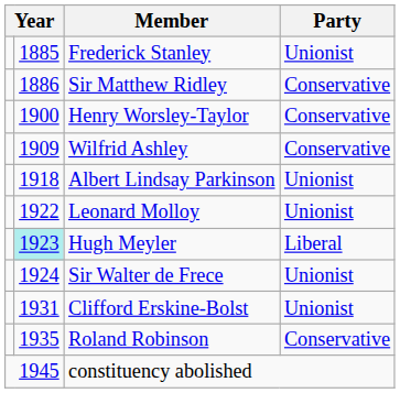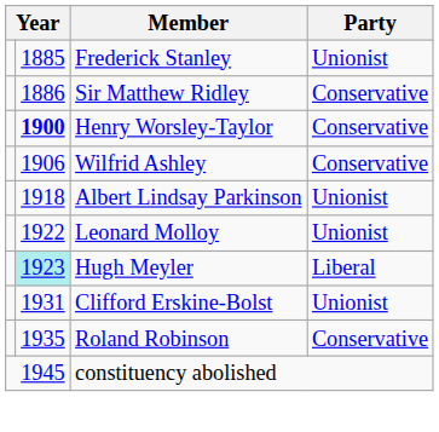 <table class="wikitable">
 <tr>
 <th colspan="2">Year</th>
 <th>Member</th>
 <th>Party</th>
 </tr>
 <tr>
 <td style="color:inherit;background-color: "></td>
 <td><a href='#'>1885</a></td>
 <td><a href='#'>Frederick Stanley</a></td>
 <td><a href='#'>Unionist</a></td>
 </tr>
 <tr>
 <td style="color:inherit;background-color: "></td>
 <td><a href='#'>1886</a></td>
 <td><a href='#'>Sir Matthew Ridley</a></td>
 <td><a href='#'>Conservative</a></td>
 </tr>
 <tr>
 <td style="color:inherit;background-color: "></td>
-<td><a href='#'>1900</a></td>
+<td><strong><a href='#'>1900</a></strong></td>
 <td><a href='#'>Henry Worsley-Taylor</a></td>
 <td><a href='#'>Conservative</a></td>
 </tr>
 <tr>
 <td style="color:inherit;background-color: "></td>
-<td><a href='#'>1909</a></td>
+<td><a href='#'>1906</a></td>
 <td><a href='#'>Wilfrid Ashley</a></td>
 <td><a href='#'>Conservative</a></td>
 </tr>
 <tr>
 <td style="color:inherit;background-color: "></td>
 <td><a href='#'>1918</a></td>
 <td><a href='#'>Albert Lindsay Parkinson</a></td>
 <td><a href='#'>Unionist</a></td>
 </tr>
 <tr>
 <td style="color:inherit;background-color: "></td>
 <td><a href='#'>1922</a></td>
 <td><a href='#'>Leonard Molloy</a></td>
 <td><a href='#'>Unionist</a></td>
 </tr>
 <tr>
 <td style="color:inherit;background-color: "></td>
 <td style="background: paleturquoise;"><a href='#'>1923</a></td>
 <td><a href='#'>Hugh Meyler</a></td>
 <td><a href='#'>Liberal</a></td>
 </tr>
 <tr>
 <td style="color:inherit;background-color: "></td>
-<td><a href='#'>1924</a></td>
-<td><a href='#'>Sir Walter de Frece</a></td>
-<td><a href='#'>Unionist</a></td>
-</tr>
-<tr>
-<td style="color:inherit;background-color: "></td>
 <td><a href='#'>1931</a></td>
 <td><a href='#'>Clifford Erskine-Bolst</a></td>
 <td><a href='#'>Unionist</a></td>
 </tr>
 <tr>
 <td style="color:inherit;background-color: "></td>
 <td><a href='#'>1935</a></td>
 <td><a href='#'>Roland Robinson</a></td>
 <td><a href='#'>Conservative</a></td>
 </tr>
 <tr>
 <td colspan="2" align="right"><a href='#'>1945</a></td>
 <td colspan="2">constituency abolished</td>
 </tr>
 </table>
